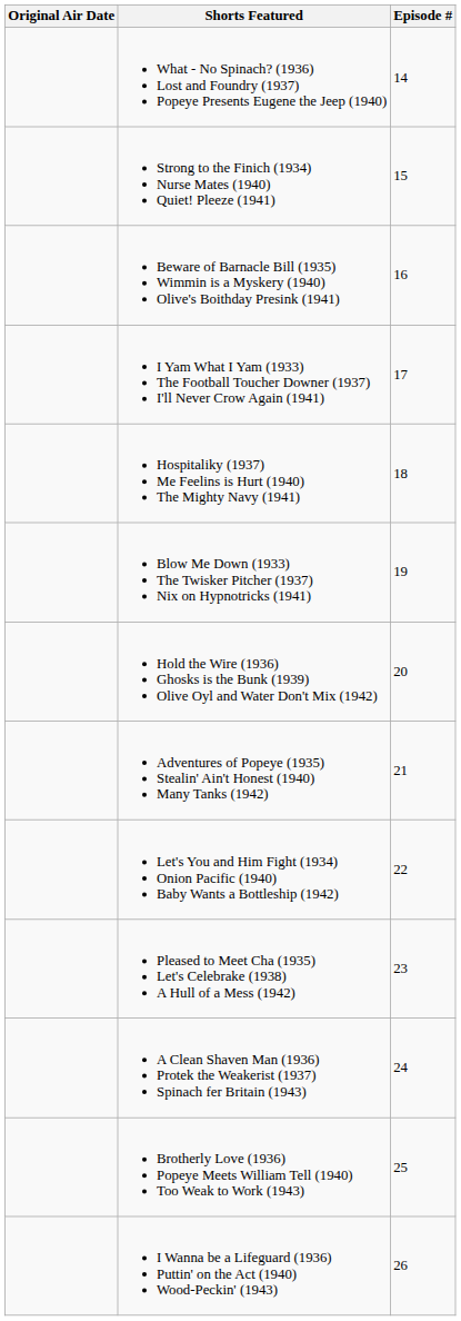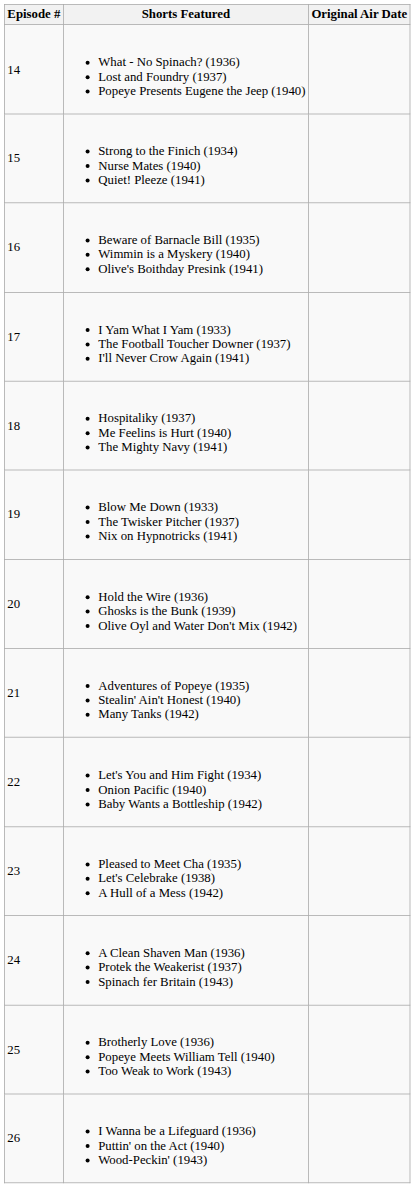 <table class="wikitable">
 <tr>
+<th>Episode #</th>
+<th>Shorts Featured</th>
 <th>Original Air Date</th>
-<th>Shorts Featured</th>
-<th>Episode #</th>
 </tr>
 <tr>
+<td>14</td>
+<td><br><ul><li>What - No Spinach? (1936)</li><li>Lost and Foundry (1937)</li><li>Popeye Presents Eugene the Jeep (1940)</li></ul></td>
 <td></td>
-<td><br><ul><li>What - No Spinach? (1936)</li><li>Lost and Foundry (1937)</li><li>Popeye Presents Eugene the Jeep (1940)</li></ul></td>
-<td>14</td>
 </tr>
 <tr>
+<td>15</td>
+<td><br><ul><li>Strong to the Finich (1934)</li><li>Nurse Mates (1940)</li><li>Quiet! Pleeze (1941)</li></ul></td>
 <td></td>
-<td><br><ul><li>Strong to the Finich (1934)</li><li>Nurse Mates (1940)</li><li>Quiet! Pleeze (1941)</li></ul></td>
-<td>15</td>
 </tr>
 <tr>
+<td>16</td>
+<td><br><ul><li>Beware of Barnacle Bill (1935)</li><li>Wimmin is a Myskery (1940)</li><li>Olive's Boithday Presink (1941)</li></ul></td>
 <td></td>
-<td><br><ul><li>Beware of Barnacle Bill (1935)</li><li>Wimmin is a Myskery (1940)</li><li>Olive's Boithday Presink (1941)</li></ul></td>
-<td>16</td>
 </tr>
 <tr>
+<td>17</td>
+<td><br><ul><li>I Yam What I Yam (1933)</li><li>The Football Toucher Downer (1937)</li><li>I'll Never Crow Again (1941)</li></ul></td>
 <td></td>
-<td><br><ul><li>I Yam What I Yam (1933)</li><li>The Football Toucher Downer (1937)</li><li>I'll Never Crow Again (1941)</li></ul></td>
-<td>17</td>
 </tr>
 <tr>
+<td>18</td>
+<td><br><ul><li>Hospitaliky (1937)</li><li>Me Feelins is Hurt (1940)</li><li>The Mighty Navy (1941)</li></ul></td>
 <td></td>
-<td><br><ul><li>Hospitaliky (1937)</li><li>Me Feelins is Hurt (1940)</li><li>The Mighty Navy (1941)</li></ul></td>
-<td>18</td>
 </tr>
 <tr>
+<td>19</td>
+<td><br><ul><li>Blow Me Down (1933)</li><li>The Twisker Pitcher (1937)</li><li>Nix on Hypnotricks (1941)</li></ul></td>
 <td></td>
-<td><br><ul><li>Blow Me Down (1933)</li><li>The Twisker Pitcher (1937)</li><li>Nix on Hypnotricks (1941)</li></ul></td>
-<td>19</td>
 </tr>
 <tr>
+<td>20</td>
+<td><br><ul><li>Hold the Wire (1936)</li><li>Ghosks is the Bunk (1939)</li><li>Olive Oyl and Water Don't Mix (1942)</li></ul></td>
 <td></td>
-<td><br><ul><li>Hold the Wire (1936)</li><li>Ghosks is the Bunk (1939)</li><li>Olive Oyl and Water Don't Mix (1942)</li></ul></td>
-<td>20</td>
 </tr>
 <tr>
+<td>21</td>
+<td><br><ul><li>Adventures of Popeye (1935)</li><li>Stealin' Ain't Honest (1940)</li><li>Many Tanks (1942)</li></ul></td>
 <td></td>
-<td><br><ul><li>Adventures of Popeye (1935)</li><li>Stealin' Ain't Honest (1940)</li><li>Many Tanks (1942)</li></ul></td>
-<td>21</td>
 </tr>
 <tr>
+<td>22</td>
+<td><br><ul><li>Let's You and Him Fight (1934)</li><li>Onion Pacific (1940)</li><li>Baby Wants a Bottleship (1942)</li></ul></td>
 <td></td>
-<td><br><ul><li>Let's You and Him Fight (1934)</li><li>Onion Pacific (1940)</li><li>Baby Wants a Bottleship (1942)</li></ul></td>
-<td>22</td>
 </tr>
 <tr>
+<td>23</td>
+<td><br><ul><li>Pleased to Meet Cha (1935)</li><li>Let's Celebrake (1938)</li><li>A Hull of a Mess (1942)</li></ul></td>
 <td></td>
-<td><br><ul><li>Pleased to Meet Cha (1935)</li><li>Let's Celebrake (1938)</li><li>A Hull of a Mess (1942)</li></ul></td>
-<td>23</td>
 </tr>
 <tr>
+<td>24</td>
+<td><br><ul><li>A Clean Shaven Man (1936)</li><li>Protek the Weakerist (1937)</li><li>Spinach fer Britain (1943)</li></ul></td>
 <td></td>
-<td><br><ul><li>A Clean Shaven Man (1936)</li><li>Protek the Weakerist (1937)</li><li>Spinach fer Britain (1943)</li></ul></td>
-<td>24</td>
 </tr>
 <tr>
+<td>25</td>
+<td><br><ul><li>Brotherly Love (1936)</li><li>Popeye Meets William Tell (1940)</li><li>Too Weak to Work (1943)</li></ul></td>
 <td></td>
-<td><br><ul><li>Brotherly Love (1936)</li><li>Popeye Meets William Tell (1940)</li><li>Too Weak to Work (1943)</li></ul></td>
-<td>25</td>
 </tr>
 <tr>
+<td>26</td>
+<td><br><ul><li>I Wanna be a Lifeguard (1936)</li><li>Puttin' on the Act (1940)</li><li>Wood-Peckin' (1943)</li></ul></td>
 <td></td>
-<td><br><ul><li>I Wanna be a Lifeguard (1936)</li><li>Puttin' on the Act (1940)</li><li>Wood-Peckin' (1943)</li></ul></td>
-<td>26</td>
 </tr>
 </table>
